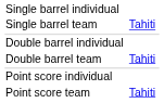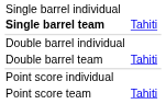 <table>
 <tr>
 <td>Single barrel individual</td>
 <td></td>
 <td></td>
 <td></td>
 </tr>
 <tr>
-<td>Single barrel team</td>
+<td><strong>Single barrel team</strong></td>
 <td></td>
 <td> <a href='#'>Tahiti</a></td>
 <td></td>
 </tr>
 <tr bgcolor=#DDDDDD>
 <td colspan=8></td>
 </tr>
 <tr>
 <td>Double barrel individual</td>
 <td></td>
 <td></td>
 <td></td>
 </tr>
 <tr>
 <td>Double barrel team</td>
 <td></td>
 <td> <a href='#'>Tahiti</a></td>
 <td></td>
 </tr>
 <tr bgcolor=#DDDDDD>
 <td colspan=8></td>
 </tr>
 <tr>
 <td>Point score individual</td>
 <td></td>
 <td></td>
 <td></td>
 </tr>
 <tr>
 <td>Point score team</td>
 <td></td>
 <td> <a href='#'>Tahiti</a></td>
 <td></td>
 </tr>
 </table>
